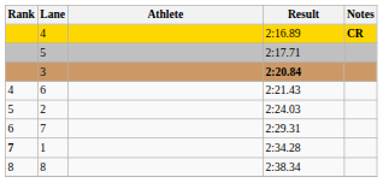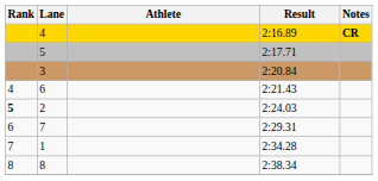 <table class="wikitable" style="font-size:95%" style="width:35em;" style="text-align:center">
 <tr>
 <th>Rank</th>
 <th>Lane</th>
 <th width=250>Athlete</th>
 <th width=100>Result</th>
 <th>Notes</th>
 </tr>
 <tr bgcolor=gold>
 <td></td>
 <td>4</td>
 <td align=left></td>
 <td>2:16.89</td>
 <td><strong>CR</strong></td>
 </tr>
 <tr bgcolor=silver>
 <td></td>
 <td>5</td>
 <td align=left></td>
 <td>2:17.71</td>
 <td></td>
 </tr>
 <tr bgcolor=cc9966>
 <td></td>
 <td>3</td>
 <td align=left></td>
-<td><strong>2:20.84</strong></td>
+<td>2:20.84</td>
 <td></td>
 </tr>
 <tr>
 <td>4</td>
 <td>6</td>
 <td align=left></td>
 <td>2:21.43</td>
 <td></td>
 </tr>
 <tr>
-<td>5</td>
+<td><strong>5</strong></td>
 <td>2</td>
 <td align=left></td>
 <td>2:24.03</td>
 <td></td>
 </tr>
 <tr>
 <td>6</td>
 <td>7</td>
 <td align=left></td>
 <td>2:29.31</td>
 <td></td>
 </tr>
 <tr>
-<td><strong>7</strong></td>
+<td>7</td>
 <td>1</td>
 <td align=left></td>
 <td>2:34.28</td>
 <td></td>
 </tr>
 <tr>
 <td>8</td>
 <td>8</td>
 <td align=left></td>
 <td>2:38.34</td>
 <td></td>
 </tr>
 <tr>
 </tr>
 </table>
